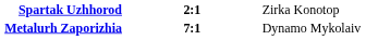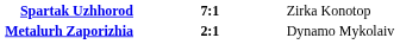 <table width=100% cellspacing=1>
 <tr>
 <th width=20%></th>
 <th width=12%></th>
 <th width=20%></th>
 <th></th>
 </tr>
 <tr style=font-size:90%>
 <td align=right><strong><a href='#'>Spartak Uzhhorod</a></strong></td>
-<td align=center><strong>2:1</strong></td>
+<td align=center><strong>7:1</strong></td>
 <td>Zirka Konotop</td>
 </tr>
 <tr style=font-size:90%>
 <td align=right><strong><a href='#'>Metalurh Zaporizhia</a></strong></td>
-<td align=center><strong>7:1</strong></td>
+<td align=center><strong>2:1</strong></td>
 <td>Dynamo Mykolaiv</td>
 <td align=center></td>
 </tr>
 </table>
